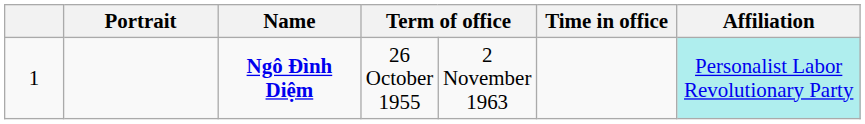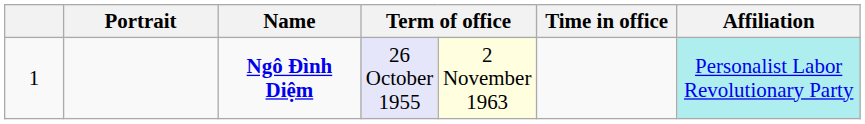 <table class="wikitable" width=74%>
 <tr>
 <th scope="col" style="width:5em;"></th>
 <th scope="col" style="width:12em;">Portrait</th>
 <th scope="col" style="width:12em;">Name<br></th>
 <th colspan="2" scope="col" style="width:12em;">Term of office</th>
 <th scope="col" style="width:12em;">Time in office</th>
 <th scope="col" style="width:12em;">Affiliation</th>
 </tr>
 <tr>
 <td align="center" style="background: ">1</td>
 <td align="center"></td>
 <td align="center" scope="row" style="font-weight:normal;"><strong><a href='#'>Ngô Đình Diệm</a></strong><br></td>
-<td align="center">26 October 1955</td>
-<td align="center">2 November 1963 </td>
+<td align="center" style="background: lavender;">26 October 1955</td>
+<td align="center" style="background: lightyellow;">2 November 1963 </td>
 <td align="center"></td>
 <td align="center" style="background: paleturquoise;"><a href='#'>Personalist Labor Revolutionary Party</a></td>
 </tr>
 </table>
